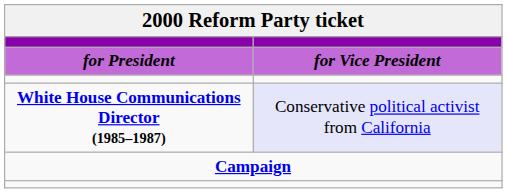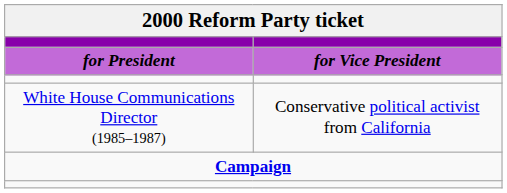 <table class="wikitable" style="font-size:90%; text-align:center">
 <tr>
 <td style="background:#f1f1f1;" colspan="30"><big><strong>2000 Reform Party ticket</strong></big></td>
 </tr>
 <tr>
 <th style="width:3em; font-size:135%; background:#8800AA; width:200px;"><a href='#'></a></th>
 <th style="width:3em; font-size:135%; background:#8800AA; width:200px;"><a href='#'></a></th>
 </tr>
 <tr style="color:#000; font-size:100%; background:#C26AD8;">
 <td style="width:3em; width:200px;"><strong><em>for President</em></strong></td>
 <td style="width:3em; width:200px;"><strong><em>for Vice President</em></strong></td>
 </tr>
 <tr>
 <td></td>
 <td></td>
 </tr>
 <tr>
-<td><strong><a href='#'>White House Communications Director</a><br><small>(1985–1987)</small></strong></td>
-<td style="background: lavender;">Conservative <a href='#'>political activist</a> from <a href='#'>California</a></td>
+<td><a href='#'>White House Communications Director</a><br><small>(1985–1987)</small></td>
+<td>Conservative <a href='#'>political activist</a> from <a href='#'>California</a></td>
 </tr>
 <tr>
 <td colspan=2><a href='#'><strong>Campaign</strong></a></td>
 </tr>
 <tr>
 <td colspan=2></td>
 </tr>
 </table>
